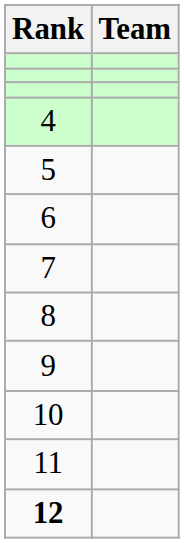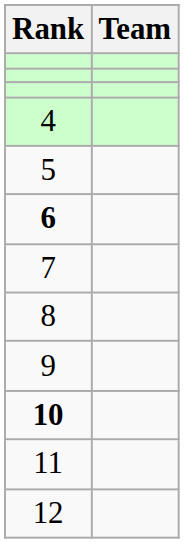 <table class=wikitable style="text-align:center;">
 <tr>
 <th>Rank</th>
 <th>Team</th>
 </tr>
 <tr bgcolor=ccffcc>
 <td></td>
 <td align=left></td>
 </tr>
 <tr bgcolor=ccffcc>
 <td></td>
 <td align=left></td>
 </tr>
 <tr bgcolor=ccffcc>
 <td></td>
 <td align=left></td>
 </tr>
 <tr bgcolor=ccffcc>
 <td>4</td>
 <td align=left></td>
 </tr>
 <tr>
 <td>5</td>
 <td align=left></td>
 </tr>
 <tr>
-<td>6</td>
+<td><strong>6</strong></td>
 <td align=left></td>
 </tr>
 <tr>
 <td>7</td>
 <td align=left></td>
 </tr>
 <tr>
 <td>8</td>
 <td align=left></td>
 </tr>
 <tr>
 <td>9</td>
 <td align=left></td>
 </tr>
 <tr>
-<td>10</td>
+<td><strong>10</strong></td>
 <td align=left></td>
 </tr>
 <tr>
 <td>11</td>
 <td align=left></td>
 </tr>
 <tr>
-<td><strong>12</strong></td>
+<td>12</td>
 <td align=left></td>
 </tr>
 </table>
